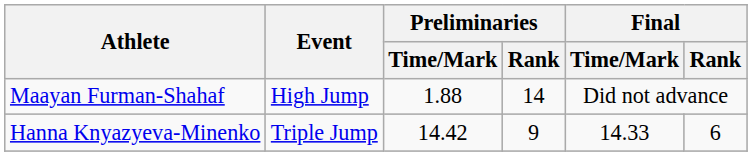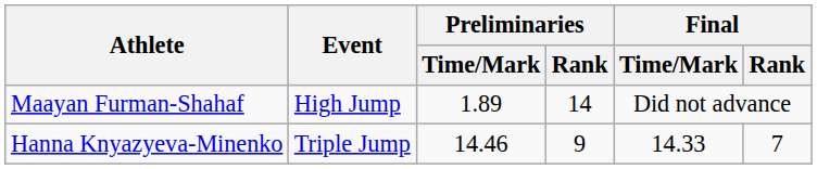 <table class=wikitable style="font-size:90%;">
 <tr>
 <th rowspan=2>Athlete</th>
 <th rowspan=2>Event</th>
 <th colspan=2>Preliminaries</th>
 <th colspan=2>Final</th>
 </tr>
 <tr>
 <th>Time/Mark</th>
 <th>Rank</th>
 <th>Time/Mark</th>
 <th>Rank</th>
 </tr>
 <tr>
 <td><a href='#'>Maayan Furman-Shahaf</a></td>
 <td><a href='#'>High Jump</a></td>
-<td align="center">1.88</td>
+<td align="center">1.89</td>
 <td align="center">14</td>
 <td colspan="2" align=center>Did not advance</td>
 </tr>
 <tr>
 <td><a href='#'>Hanna Knyazyeva-Minenko</a></td>
 <td><a href='#'>Triple Jump</a></td>
-<td align="center">14.42</td>
+<td align="center">14.46</td>
 <td align="center">9</td>
 <td align="center">14.33</td>
-<td align="center">6</td>
+<td align="center">7</td>
 </tr>
 </table>
